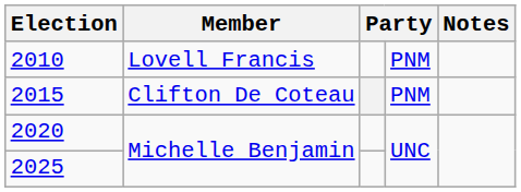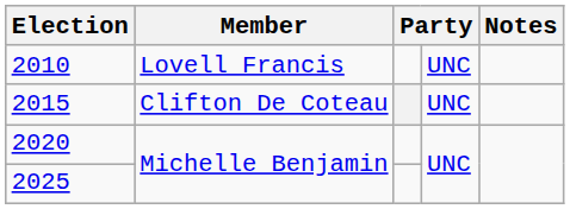 <table class="wikitable sortable">
 <tr>
 <th>Election</th>
 <th>Member</th>
 <th colspan="2">Party</th>
 <th>Notes</th>
 </tr>
 <tr>
 <td><a href='#'>2010</a></td>
 <td><a href='#'>Lovell Francis</a></td>
 <td style="background:"> </td>
-<td><a href='#'>PNM</a></td>
+<td><a href='#'>UNC</a></td>
 <td></td>
 </tr>
 <tr>
 <td><a href='#'>2015</a></td>
 <td><a href='#'>Clifton De Coteau</a></td>
 <th style="background-color: "></th>
-<td><a href='#'>PNM</a></td>
+<td><a href='#'>UNC</a></td>
 <td></td>
 </tr>
 <tr>
 <td><a href='#'>2020</a></td>
 <td rowspan="2"><a href='#'>Michelle Benjamin</a></td>
 <td style="background:"> </td>
 <td rowspan="2"><a href='#'>UNC</a></td>
 <td rowspan="2"></td>
 </tr>
 <tr>
 <td><a href='#'>2025</a></td>
 <td style="background:"> </td>
 </tr>
 </table>
